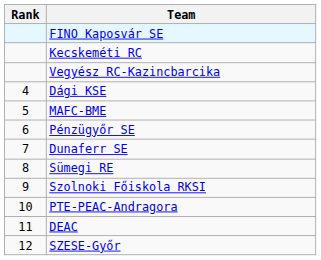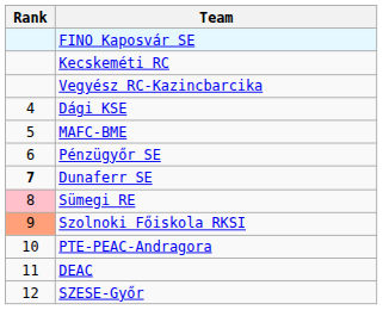 <table class="wikitable">
 <tr>
 <th width=40>Rank</th>
 <th width=290>Team</th>
 </tr>
 <tr bgcolor=#e6f8ff>
 <td align="center"></td>
 <td align="left"> <a href='#'>FINO Kaposvár SE</a></td>
 </tr>
 <tr>
 <td align="center"></td>
 <td align="left"> <a href='#'>Kecskeméti RC</a></td>
 </tr>
 <tr>
 <td align="center"></td>
 <td align="left"> <a href='#'>Vegyész RC-Kazincbarcika</a></td>
 </tr>
 <tr>
 <td align="center">4</td>
 <td align="left"> <a href='#'>Dági KSE</a></td>
 </tr>
 <tr>
 <td align="center">5</td>
 <td align="left"> <a href='#'>MAFC-BME</a></td>
 </tr>
 <tr>
 <td align="center">6</td>
 <td align="left"> <a href='#'>Pénzügyőr SE</a></td>
 </tr>
 <tr>
-<td align="center">7</td>
+<td align="center"><strong>7</strong></td>
 <td align="left"> <a href='#'>Dunaferr SE</a></td>
 </tr>
 <tr>
-<td align="center">8</td>
+<td align="center" style="background: pink;">8</td>
 <td align="left"> <a href='#'>Sümegi RE</a></td>
 </tr>
 <tr>
-<td align="center">9</td>
+<td align="center" style="background: lightsalmon;">9</td>
 <td align="left"> <a href='#'>Szolnoki Főiskola RKSI</a></td>
 </tr>
 <tr>
 <td align="center">10</td>
 <td align="left"> <a href='#'>PTE-PEAC-Andragora</a></td>
 </tr>
 <tr>
 <td align="center">11</td>
 <td align="left"> <a href='#'>DEAC</a></td>
 </tr>
 <tr>
 <td align="center">12</td>
 <td align="left"> <a href='#'>SZESE-Győr</a></td>
 </tr>
 </table>
